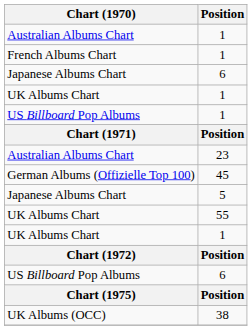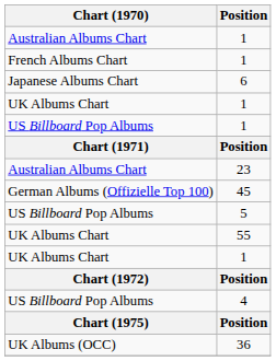 <table class="wikitable" style="text-align:center;">
 <tr>
 <th>Chart (1970)</th>
 <th>Position</th>
 </tr>
 <tr>
 <td align="left"><a href='#'>Australian Albums Chart</a></td>
 <td>1</td>
 </tr>
 <tr>
 <td align="left">French Albums Chart</td>
 <td>1</td>
 </tr>
 <tr>
 <td align="left">Japanese Albums Chart</td>
 <td>6</td>
 </tr>
 <tr>
 <td align="left">UK Albums Chart</td>
 <td>1</td>
 </tr>
 <tr>
 <td align="left"><a href='#'>US <em>Billboard</em> Pop Albums</a></td>
 <td>1</td>
 </tr>
 <tr>
 <th>Chart (1971)</th>
 <th>Position</th>
 </tr>
 <tr>
 <td align="left"><a href='#'>Australian Albums Chart</a></td>
 <td>23</td>
 </tr>
 <tr>
 <td align="left">German Albums (<a href='#'>Offizielle Top 100</a>)</td>
 <td>45</td>
 </tr>
 <tr>
-<td align="left">Japanese Albums Chart</td>
+<td align="left">US <em>Billboard</em> Pop Albums</td>
 <td>5</td>
 </tr>
 <tr>
 <td align="left">UK Albums Chart</td>
 <td>55</td>
 </tr>
 <tr>
 <td align="left">UK Albums Chart</td>
 <td>1</td>
 </tr>
 <tr>
 <th>Chart (1972)</th>
 <th>Position</th>
 </tr>
 <tr>
 <td align="left">US <em>Billboard</em> Pop Albums</td>
-<td>6</td>
+<td>4</td>
 </tr>
 <tr>
 <th>Chart (1975)</th>
 <th>Position</th>
 </tr>
 <tr>
 <td align="left">UK Albums (OCC)</td>
-<td>38</td>
+<td>36</td>
 </tr>
 <tr>
 </tr>
 </table>
